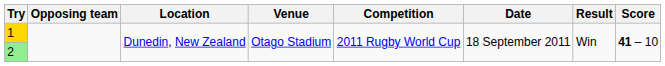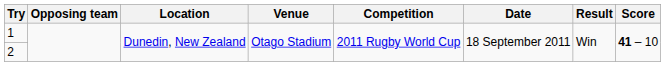 <table class="wikitable">
 <tr>
 <th>Try</th>
 <th>Opposing team</th>
 <th>Location</th>
 <th>Venue</th>
 <th>Competition</th>
 <th>Date</th>
 <th>Result</th>
 <th>Score</th>
 </tr>
 <tr>
-<td style="background: gold;">1</td>
+<td>1</td>
 <td rowspan="2"></td>
 <td rowspan="2"><a href='#'>Dunedin</a>, <a href='#'>New Zealand</a></td>
 <td rowspan="2"><a href='#'>Otago Stadium</a></td>
 <td rowspan="2"><a href='#'>2011 Rugby World Cup</a></td>
 <td rowspan="2">18 September 2011</td>
 <td rowspan="2">Win</td>
 <td rowspan="2"><strong>41</strong> – 10</td>
 </tr>
 <tr>
-<td style="background: lightgreen;">2</td>
+<td>2</td>
 </tr>
 </table>
